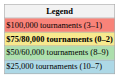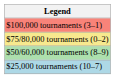 <table class="wikitable" style=font-size:85%>
 <tr>
 <th>Legend</th>
 </tr>
 <tr style="background:#f88379;">
 <td>$100,000 tournaments (3–1)</td>
 </tr>
 <tr style="background:#f7e98e;">
-<td><strong>$75/80,000 tournaments (0–2)</strong></td>
+<td>$75/80,000 tournaments (0–2)</td>
 </tr>
 <tr style="background:#addfad;">
 <td>$50/60,000 tournaments (8–9)</td>
 </tr>
 <tr style="background:lightblue;">
 <td>$25,000 tournaments (10–7)</td>
 </tr>
 </table>
